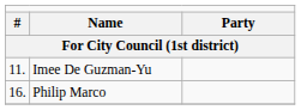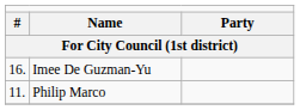 <table class="wikitable" style="font-size:90%">
 <tr>
 <td colspan="5"></td>
 </tr>
 <tr>
 <th>#</th>
 <th width=150px>Name</th>
 <th colspan=2 width=110px>Party</th>
 </tr>
 <tr>
 <th colspan=5>For City Council (1st district)</th>
 </tr>
 <tr>
-<td>11.</td>
+<td>16.</td>
 <td>Imee De Guzman-Yu</td>
 <td></td>
 </tr>
 <tr>
-<td>16.</td>
+<td>11.</td>
 <td>Philip Marco</td>
 <td></td>
 </tr>
 <tr>
 </tr>
 </table>
